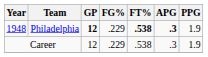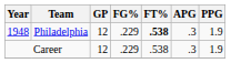 <table class="wikitable sortable" style="font-size:95%; text-align:right;">
 <tr>
 <th>Year</th>
 <th>Team</th>
 <th>GP</th>
 <th>FG%</th>
 <th>FT%</th>
 <th>APG</th>
 <th>PPG</th>
 </tr>
 <tr>
 <td style="text-align:left;"><a href='#'>1948</a></td>
 <td style="text-align:left;"><a href='#'>Philadelphia</a></td>
-<td><strong>12</strong></td>
+<td>12</td>
 <td>.229</td>
 <td><strong>.538</strong></td>
-<td><strong>.3</strong></td>
+<td>.3</td>
 <td>1.9</td>
 </tr>
 <tr>
 <td style="text-align:center;" colspan="2">Career</td>
 <td>12</td>
 <td>.229</td>
 <td>.538</td>
 <td>.3</td>
 <td>1.9</td>
 </tr>
 <tr>
 </tr>
 </table>
